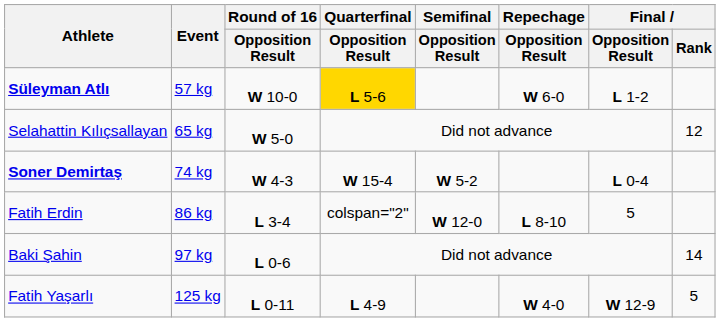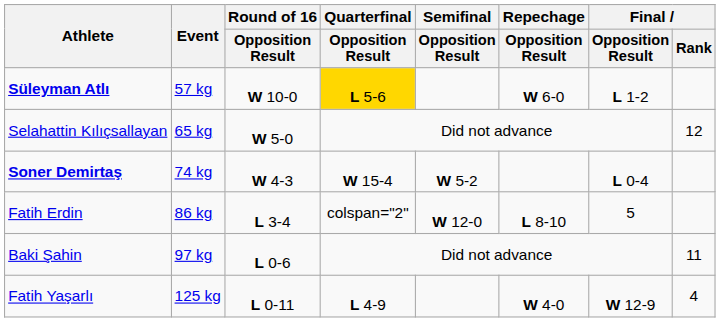 <table class="wikitable" style="font-size:90%">
 <tr>
 <th rowspan="2">Athlete</th>
 <th rowspan="2">Event</th>
 <th>Round of 16</th>
 <th>Quarterfinal</th>
 <th>Semifinal</th>
 <th>Repechage</th>
 <th colspan=2>Final / </th>
 </tr>
 <tr style="font-size: 95%">
 <th>Opposition<br>Result</th>
 <th>Opposition<br>Result</th>
 <th>Opposition<br>Result</th>
 <th>Opposition<br>Result</th>
 <th>Opposition<br>Result</th>
 <th>Rank</th>
 </tr>
 <tr align=center>
 <td align=left><strong><a href='#'>Süleyman Atlı</a></strong></td>
 <td align=left><a href='#'>57 kg</a></td>
 <td><br><strong>W</strong> 10-0</td>
 <td style="background: gold;"><br><strong>L</strong> 5-6</td>
 <td></td>
 <td><br><strong>W</strong> 6-0</td>
 <td><br><strong>L</strong> 1-2</td>
 <td></td>
 </tr>
 <tr align=center>
 <td align=left><a href='#'>Selahattin Kılıçsallayan</a></td>
 <td align=left><a href='#'>65 kg</a></td>
 <td><br><strong>W</strong> 5-0</td>
 <td colspan="4">Did not advance</td>
 <td>12</td>
 </tr>
 <tr align=center>
 <td align=left><strong><a href='#'>Soner Demirtaş</a></strong></td>
 <td align=left><a href='#'>74 kg</a></td>
 <td><br><strong>W</strong> 4-3</td>
 <td><br><strong>W</strong> 15-4</td>
 <td><br><strong>W</strong> 5-2</td>
 <td></td>
 <td><br><strong>L</strong> 0-4</td>
 <td></td>
 </tr>
 <tr align=center>
 <td align=left><a href='#'>Fatih Erdin</a></td>
 <td align=left><a href='#'>86 kg</a></td>
 <td><br><strong>L</strong> 3-4</td>
 <td>colspan="2" </td>
 <td><br><strong>W</strong> 12-0</td>
 <td><br><strong>L</strong> 8-10</td>
 <td>5</td>
 </tr>
 <tr align=center>
 <td align=left><a href='#'>Baki Şahin</a></td>
 <td align=left><a href='#'>97 kg</a></td>
 <td><br><strong>L</strong> 0-6</td>
 <td colspan="4">Did not advance</td>
-<td>14</td>
+<td>11</td>
 </tr>
 <tr align=center>
 <td align=left><a href='#'>Fatih Yaşarlı</a></td>
 <td align=left><a href='#'>125 kg</a></td>
 <td><br><strong>L</strong> 0-11</td>
 <td><br><strong>L</strong> 4-9</td>
 <td></td>
 <td><br><strong>W</strong> 4-0</td>
 <td><br><strong>W</strong> 12-9</td>
-<td>5</td>
+<td>4</td>
 </tr>
 </table>
